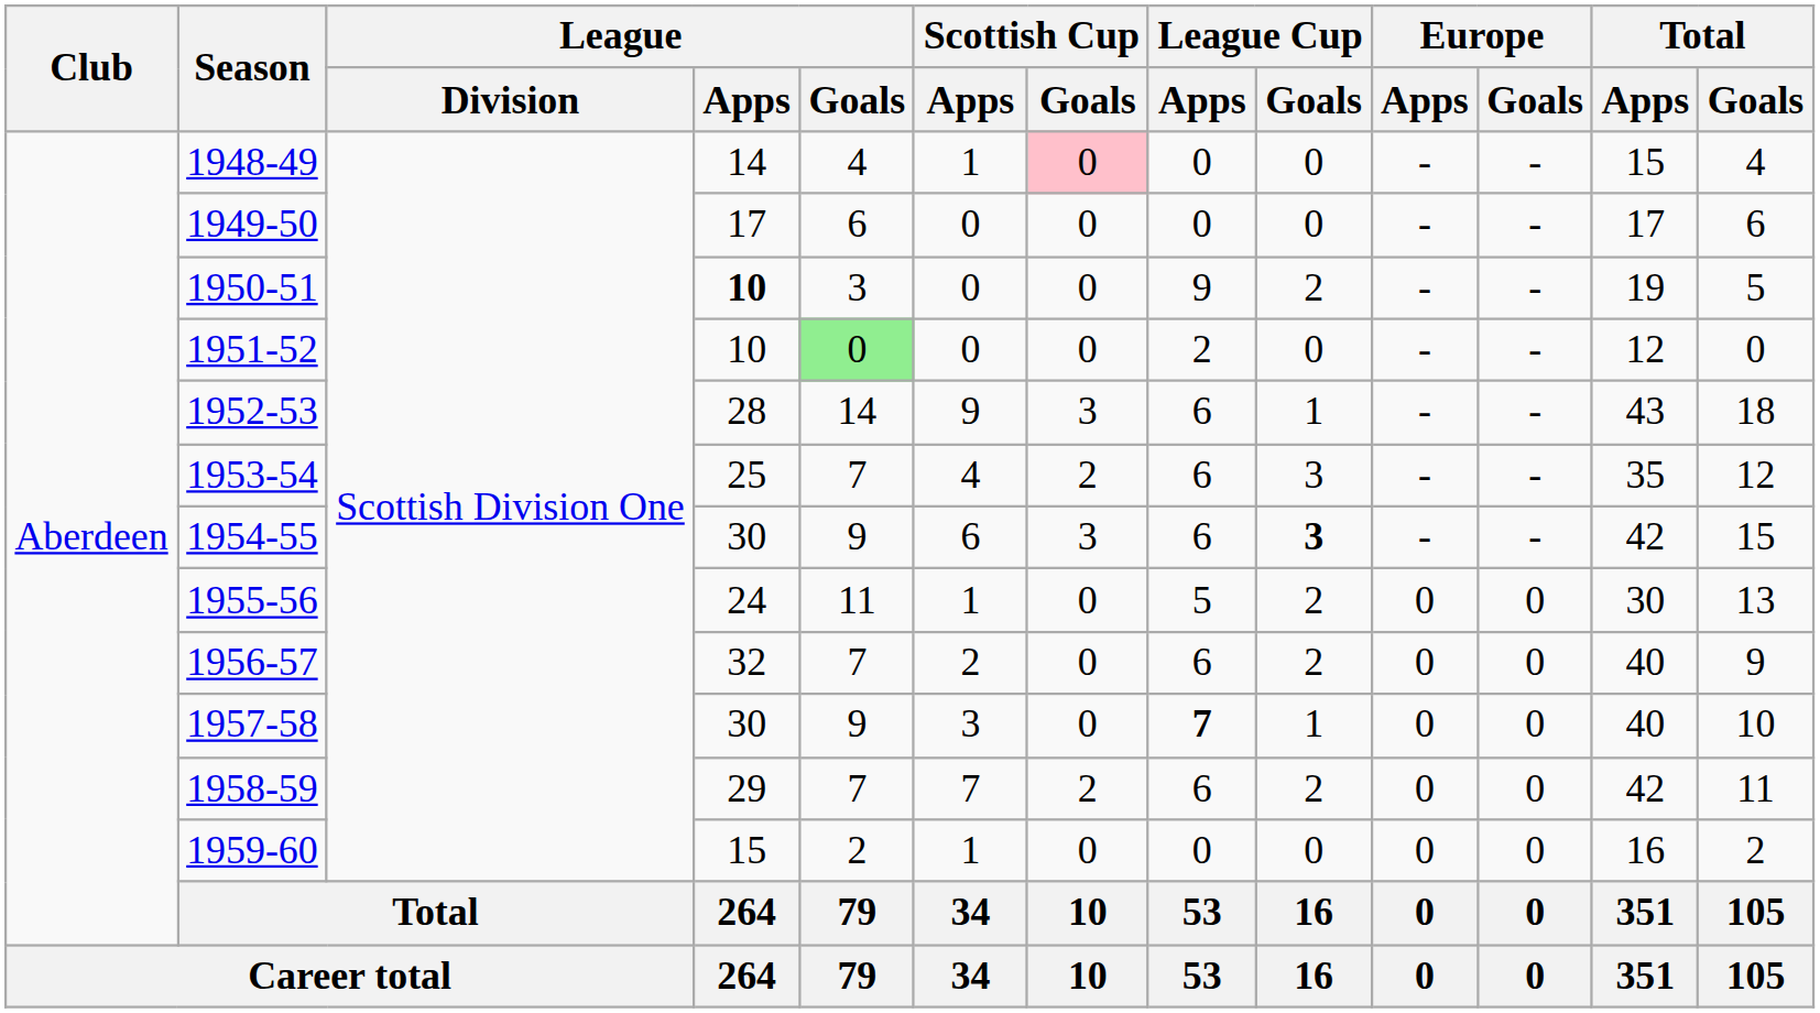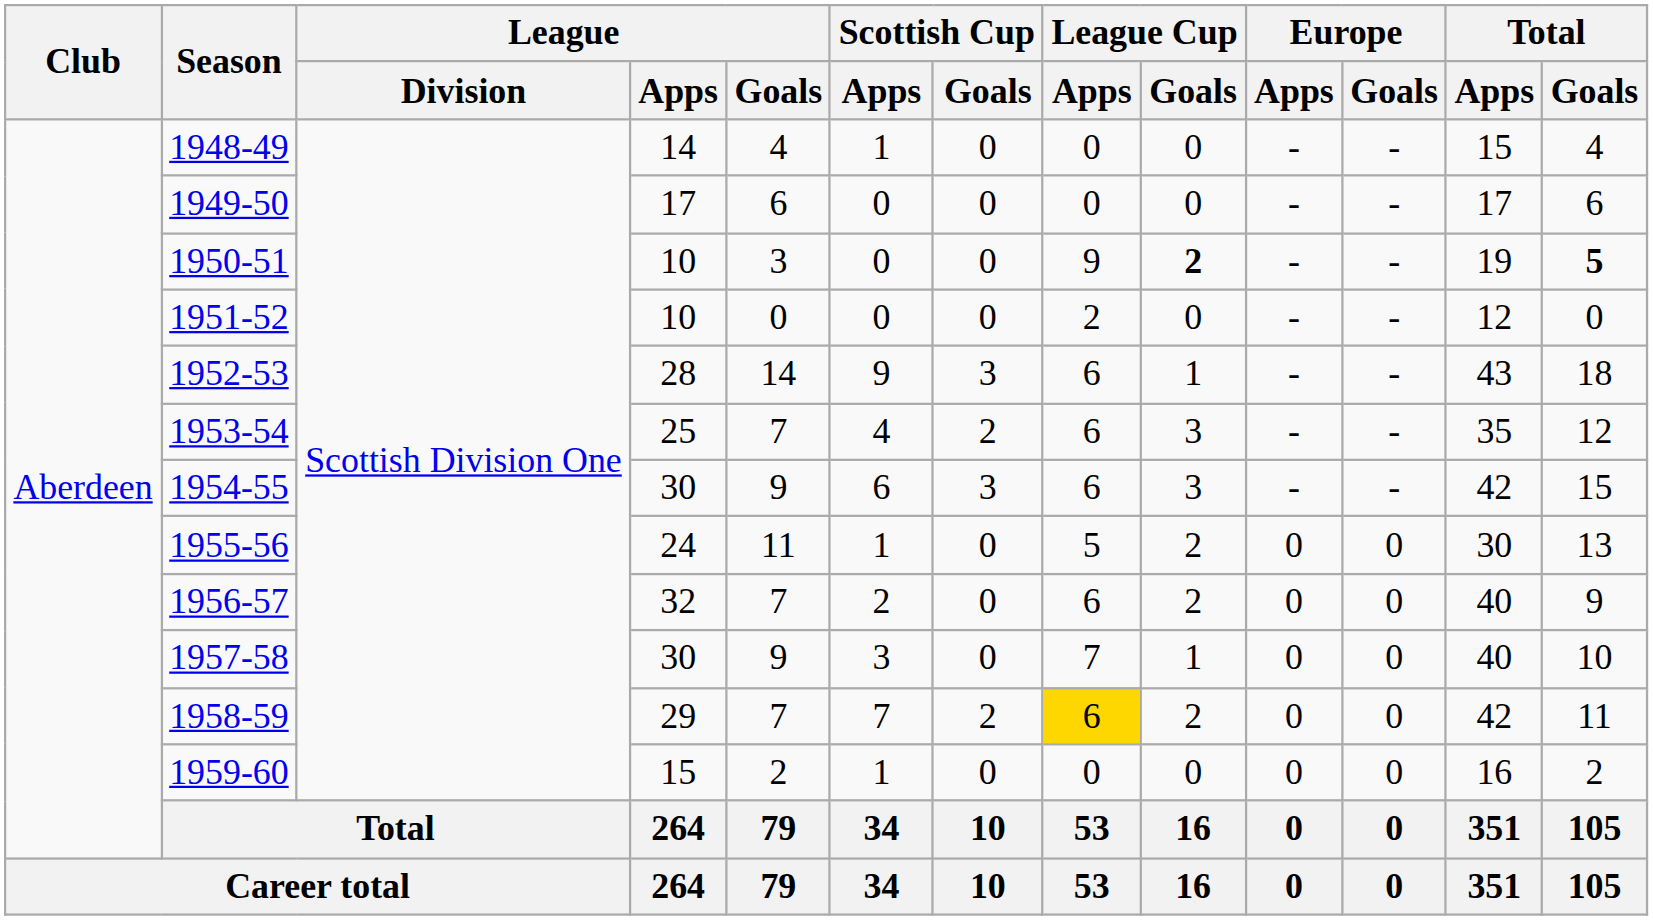 <table class="wikitable" style="text-align:center">
 <tr>
 <th rowspan="2">Club</th>
 <th rowspan="2">Season</th>
 <th colspan="3">League</th>
 <th colspan="2">Scottish Cup</th>
 <th colspan="2">League Cup</th>
 <th colspan="2">Europe</th>
 <th colspan="2">Total</th>
 </tr>
 <tr>
 <th>Division</th>
 <th>Apps</th>
 <th>Goals</th>
 <th>Apps</th>
 <th>Goals</th>
 <th>Apps</th>
 <th>Goals</th>
 <th>Apps</th>
 <th>Goals</th>
 <th>Apps</th>
 <th>Goals</th>
 </tr>
 <tr>
 <td rowspan="13"><a href='#'>Aberdeen</a></td>
 <td><a href='#'>1948-49</a></td>
 <td rowspan="12"><a href='#'>Scottish Division One</a></td>
 <td>14</td>
 <td>4</td>
 <td>1</td>
-<td style="background: pink;">0</td>
+<td>0</td>
 <td>0</td>
 <td>0</td>
 <td>-</td>
 <td>-</td>
 <td>15</td>
 <td>4</td>
 </tr>
 <tr>
 <td><a href='#'>1949-50</a></td>
 <td>17</td>
 <td>6</td>
 <td>0</td>
 <td>0</td>
 <td>0</td>
 <td>0</td>
 <td>-</td>
 <td>-</td>
 <td>17</td>
 <td>6</td>
 </tr>
 <tr>
 <td><a href='#'>1950-51</a></td>
-<td><strong>10</strong></td>
+<td>10</td>
 <td>3</td>
 <td>0</td>
 <td>0</td>
 <td>9</td>
-<td>2</td>
+<td><strong>2</strong></td>
 <td>-</td>
 <td>-</td>
 <td>19</td>
-<td>5</td>
+<td><strong>5</strong></td>
 </tr>
 <tr>
 <td><a href='#'>1951-52</a></td>
 <td>10</td>
-<td style="background: lightgreen;">0</td>
+<td>0</td>
 <td>0</td>
 <td>0</td>
 <td>2</td>
 <td>0</td>
 <td>-</td>
 <td>-</td>
 <td>12</td>
 <td>0</td>
 </tr>
 <tr>
 <td><a href='#'>1952-53</a></td>
 <td>28</td>
 <td>14</td>
 <td>9</td>
 <td>3</td>
 <td>6</td>
 <td>1</td>
 <td>-</td>
 <td>-</td>
 <td>43</td>
 <td>18</td>
 </tr>
 <tr>
 <td><a href='#'>1953-54</a></td>
 <td>25</td>
 <td>7</td>
 <td>4</td>
 <td>2</td>
 <td>6</td>
 <td>3</td>
 <td>-</td>
 <td>-</td>
 <td>35</td>
 <td>12</td>
 </tr>
 <tr>
 <td><a href='#'>1954-55</a></td>
 <td>30</td>
 <td>9</td>
 <td>6</td>
 <td>3</td>
 <td>6</td>
-<td><strong>3</strong></td>
+<td>3</td>
 <td>-</td>
 <td>-</td>
 <td>42</td>
 <td>15</td>
 </tr>
 <tr>
 <td><a href='#'>1955-56</a></td>
 <td>24</td>
 <td>11</td>
 <td>1</td>
 <td>0</td>
 <td>5</td>
 <td>2</td>
 <td>0</td>
 <td>0</td>
 <td>30</td>
 <td>13</td>
 </tr>
 <tr>
 <td><a href='#'>1956-57</a></td>
 <td>32</td>
 <td>7</td>
 <td>2</td>
 <td>0</td>
 <td>6</td>
 <td>2</td>
 <td>0</td>
 <td>0</td>
 <td>40</td>
 <td>9</td>
 </tr>
 <tr>
 <td><a href='#'>1957-58</a></td>
 <td>30</td>
 <td>9</td>
 <td>3</td>
 <td>0</td>
-<td><strong>7</strong></td>
+<td>7</td>
 <td>1</td>
 <td>0</td>
 <td>0</td>
 <td>40</td>
 <td>10</td>
 </tr>
 <tr>
 <td><a href='#'>1958-59</a></td>
 <td>29</td>
 <td>7</td>
 <td>7</td>
 <td>2</td>
-<td>6</td>
+<td style="background: gold;">6</td>
 <td>2</td>
 <td>0</td>
 <td>0</td>
 <td>42</td>
 <td>11</td>
 </tr>
 <tr>
 <td><a href='#'>1959-60</a></td>
 <td>15</td>
 <td>2</td>
 <td>1</td>
 <td>0</td>
 <td>0</td>
 <td>0</td>
 <td>0</td>
 <td>0</td>
 <td>16</td>
 <td>2</td>
 </tr>
 <tr>
 <th colspan="2">Total</th>
 <th>264</th>
 <th>79</th>
 <th>34</th>
 <th>10</th>
 <th>53</th>
 <th>16</th>
 <th>0</th>
 <th>0</th>
 <th>351</th>
 <th>105</th>
 </tr>
 <tr>
 <th colspan="3">Career total</th>
 <th>264</th>
 <th>79</th>
 <th>34</th>
 <th>10</th>
 <th>53</th>
 <th>16</th>
 <th>0</th>
 <th>0</th>
 <th>351</th>
 <th>105</th>
 </tr>
 </table>
